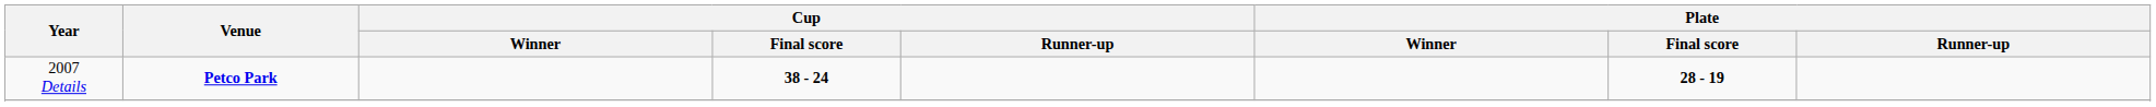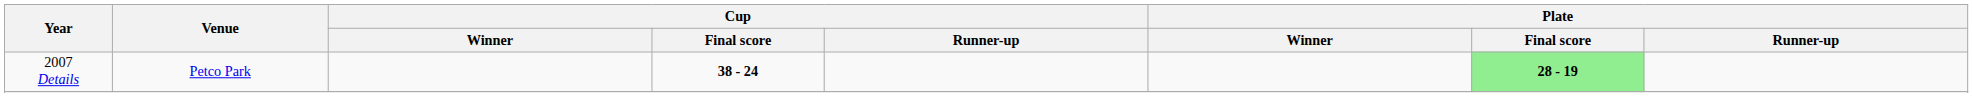 <table class="wikitable" style="font-size:90%; width: 100%; text-align: center;">
 <tr>
 <th rowspan=2 width=5%>Year</th>
 <th rowspan=2 width=10%>Venue</th>
 <th colspan=3>Cup</th>
 <th colspan=3>Plate</th>
 </tr>
 <tr>
 <th width=15%>Winner</th>
 <th width=8%>Final score</th>
 <th width=15%>Runner-up</th>
 <th width=15%>Winner</th>
 <th width=8%>Final score</th>
 <th width=15%>Runner-up</th>
 </tr>
 <tr>
 <td>2007  <br> <em><a href='#'>Details</a></em></td>
-<td><strong><a href='#'>Petco Park</a></strong></td>
+<td><a href='#'>Petco Park</a></td>
 <td><strong></strong></td>
 <td><strong>38 - 24</strong></td>
 <td></td>
 <td></td>
-<td><strong>28 - 19</strong></td>
+<td style="background: lightgreen;"><strong>28 - 19</strong></td>
 <td></td>
 </tr>
 <tr>
 </tr>
 <tr>
 </tr>
 </table>
